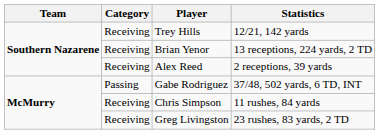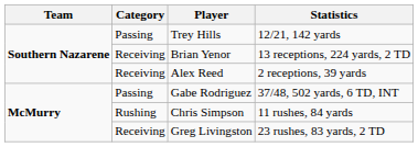 <table class="wikitable" style="float: left;">
 <tr>
 <th>Team</th>
 <th>Category</th>
 <th>Player</th>
 <th>Statistics</th>
 </tr>
 <tr>
 <td rowspan=3><strong>Southern Nazarene</strong></td>
-<td>Receiving</td>
+<td>Passing</td>
 <td>Trey Hills</td>
 <td>12/21, 142 yards</td>
 </tr>
 <tr>
 <td>Receiving</td>
 <td>Brian Yenor</td>
 <td>13 receptions, 224 yards, 2 TD</td>
 </tr>
 <tr>
 <td>Receiving</td>
 <td>Alex Reed</td>
 <td>2 receptions, 39 yards</td>
 </tr>
 <tr>
 <td rowspan=3><strong>McMurry</strong></td>
 <td>Passing</td>
 <td>Gabe Rodriguez</td>
 <td>37/48, 502 yards, 6 TD, INT</td>
 </tr>
 <tr>
-<td>Receiving</td>
+<td>Rushing</td>
 <td>Chris Simpson</td>
 <td>11 rushes, 84 yards</td>
 </tr>
 <tr>
 <td>Receiving</td>
 <td>Greg Livingston</td>
 <td>23 rushes, 83 yards, 2 TD</td>
 </tr>
 </table>
